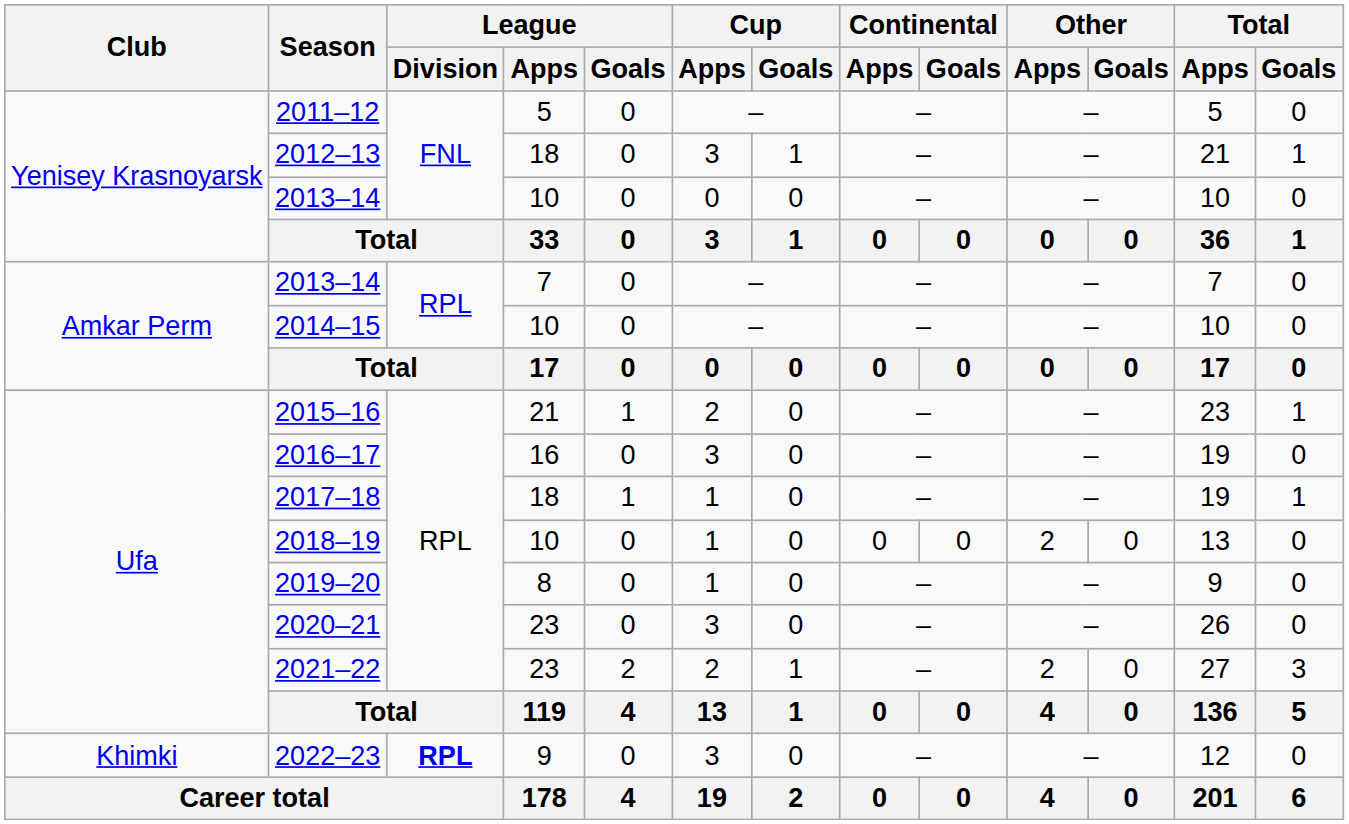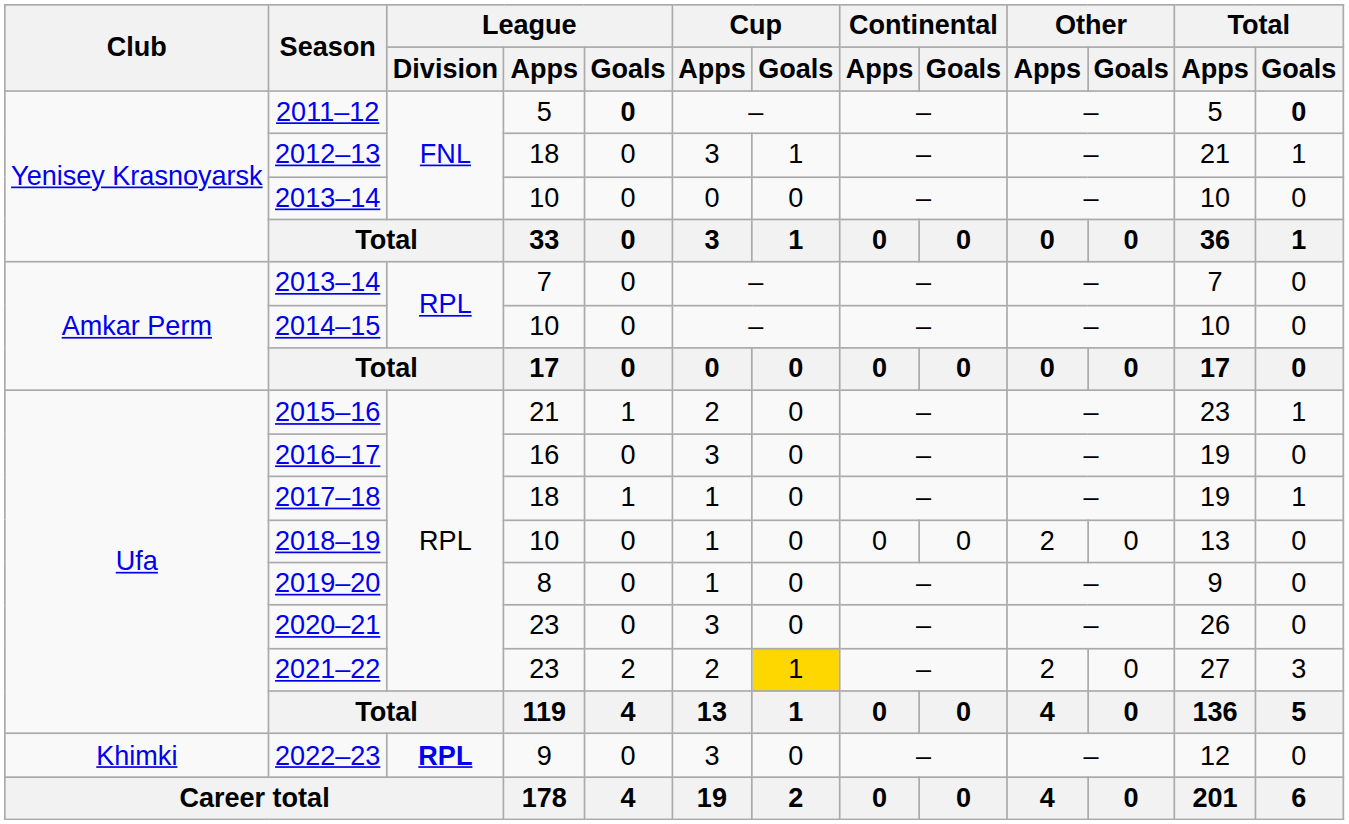 <table class="wikitable" style="text-align: center;">
 <tr>
 <th rowspan=2>Club</th>
 <th rowspan=2>Season</th>
 <th colspan=3>League</th>
 <th colspan=2>Cup</th>
 <th colspan=2>Continental</th>
 <th colspan=2>Other</th>
 <th colspan=2>Total</th>
 </tr>
 <tr>
 <th>Division</th>
 <th>Apps</th>
 <th>Goals</th>
 <th>Apps</th>
 <th>Goals</th>
 <th>Apps</th>
 <th>Goals</th>
 <th>Apps</th>
 <th>Goals</th>
 <th>Apps</th>
 <th>Goals</th>
 </tr>
 <tr>
 <td rowspan="4"><a href='#'>Yenisey Krasnoyarsk</a></td>
 <td><a href='#'>2011–12</a></td>
 <td rowspan="3"><a href='#'>FNL</a></td>
 <td>5</td>
-<td>0</td>
+<td><strong>0</strong></td>
 <td colspan=2>–</td>
 <td colspan=2>–</td>
 <td colspan=2>–</td>
 <td>5</td>
-<td>0</td>
+<td><strong>0</strong></td>
 </tr>
 <tr>
 <td><a href='#'>2012–13</a></td>
 <td>18</td>
 <td>0</td>
 <td>3</td>
 <td>1</td>
 <td colspan=2>–</td>
 <td colspan=2>–</td>
 <td>21</td>
 <td>1</td>
 </tr>
 <tr>
 <td><a href='#'>2013–14</a></td>
 <td>10</td>
 <td>0</td>
 <td>0</td>
 <td>0</td>
 <td colspan=2>–</td>
 <td colspan=2>–</td>
 <td>10</td>
 <td>0</td>
 </tr>
 <tr>
 <th colspan=2>Total</th>
 <th>33</th>
 <th>0</th>
 <th>3</th>
 <th>1</th>
 <th>0</th>
 <th>0</th>
 <th>0</th>
 <th>0</th>
 <th>36</th>
 <th>1</th>
 </tr>
 <tr>
 <td rowspan="3"><a href='#'>Amkar Perm</a></td>
 <td><a href='#'>2013–14</a></td>
 <td rowspan="2"><a href='#'>RPL</a></td>
 <td>7</td>
 <td>0</td>
 <td colspan=2>–</td>
 <td colspan=2>–</td>
 <td colspan=2>–</td>
 <td>7</td>
 <td>0</td>
 </tr>
 <tr>
 <td><a href='#'>2014–15</a></td>
 <td>10</td>
 <td>0</td>
 <td colspan=2>–</td>
 <td colspan=2>–</td>
 <td colspan=2>–</td>
 <td>10</td>
 <td>0</td>
 </tr>
 <tr>
 <th colspan=2>Total</th>
 <th>17</th>
 <th>0</th>
 <th>0</th>
 <th>0</th>
 <th>0</th>
 <th>0</th>
 <th>0</th>
 <th>0</th>
 <th>17</th>
 <th>0</th>
 </tr>
 <tr>
 <td rowspan="8"><a href='#'>Ufa</a></td>
 <td><a href='#'>2015–16</a></td>
 <td rowspan="7">RPL</td>
 <td>21</td>
 <td>1</td>
 <td>2</td>
 <td>0</td>
 <td colspan=2>–</td>
 <td colspan=2>–</td>
 <td>23</td>
 <td>1</td>
 </tr>
 <tr>
 <td><a href='#'>2016–17</a></td>
 <td>16</td>
 <td>0</td>
 <td>3</td>
 <td>0</td>
 <td colspan=2>–</td>
 <td colspan=2>–</td>
 <td>19</td>
 <td>0</td>
 </tr>
 <tr>
 <td><a href='#'>2017–18</a></td>
 <td>18</td>
 <td>1</td>
 <td>1</td>
 <td>0</td>
 <td colspan=2>–</td>
 <td colspan=2>–</td>
 <td>19</td>
 <td>1</td>
 </tr>
 <tr>
 <td><a href='#'>2018–19</a></td>
 <td>10</td>
 <td>0</td>
 <td>1</td>
 <td>0</td>
 <td>0</td>
 <td>0</td>
 <td>2</td>
 <td>0</td>
 <td>13</td>
 <td>0</td>
 </tr>
 <tr>
 <td><a href='#'>2019–20</a></td>
 <td>8</td>
 <td>0</td>
 <td>1</td>
 <td>0</td>
 <td colspan=2>–</td>
 <td colspan=2>–</td>
 <td>9</td>
 <td>0</td>
 </tr>
 <tr>
 <td><a href='#'>2020–21</a></td>
 <td>23</td>
 <td>0</td>
 <td>3</td>
 <td>0</td>
 <td colspan=2>–</td>
 <td colspan=2>–</td>
 <td>26</td>
 <td>0</td>
 </tr>
 <tr>
 <td><a href='#'>2021–22</a></td>
 <td>23</td>
 <td>2</td>
 <td>2</td>
-<td>1</td>
+<td style="background: gold;">1</td>
 <td colspan=2>–</td>
 <td>2</td>
 <td>0</td>
 <td>27</td>
 <td>3</td>
 </tr>
 <tr>
 <th colspan=2>Total</th>
 <th>119</th>
 <th>4</th>
 <th>13</th>
 <th>1</th>
 <th>0</th>
 <th>0</th>
 <th>4</th>
 <th>0</th>
 <th>136</th>
 <th>5</th>
 </tr>
 <tr>
 <td><a href='#'>Khimki</a></td>
 <td><a href='#'>2022–23</a></td>
 <td><strong><a href='#'>RPL</a></strong></td>
 <td>9</td>
 <td>0</td>
 <td>3</td>
 <td>0</td>
 <td colspan=2>–</td>
 <td colspan=2>–</td>
 <td>12</td>
 <td>0</td>
 </tr>
 <tr>
 <th colspan=3>Career total</th>
 <th>178</th>
 <th>4</th>
 <th>19</th>
 <th>2</th>
 <th>0</th>
 <th>0</th>
 <th>4</th>
 <th>0</th>
 <th>201</th>
 <th>6</th>
 </tr>
 </table>
